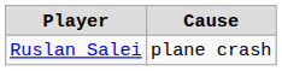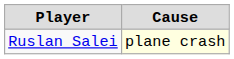 <table class="wikitable">
 <tr style="text-align:center; background:#ddd;">
 <td><strong>Player</strong></td>
 <td><strong>Cause</strong></td>
 </tr>
 <tr>
 <td><a href='#'>Ruslan Salei</a></td>
-<td>plane crash</td>
+<td style="background: lightyellow;">plane crash</td>
 </tr>
 </table>
